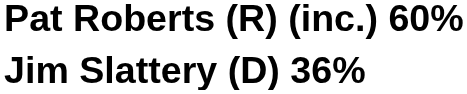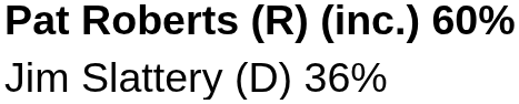 <table>
 <tr>
 <td><strong>Pat Roberts (R) (inc.) 60%</strong></td>
 </tr>
 <tr>
-<td><strong>Jim Slattery (D) 36%</strong></td>
+<td>Jim Slattery (D) 36%</td>
 </tr>
 </table>
